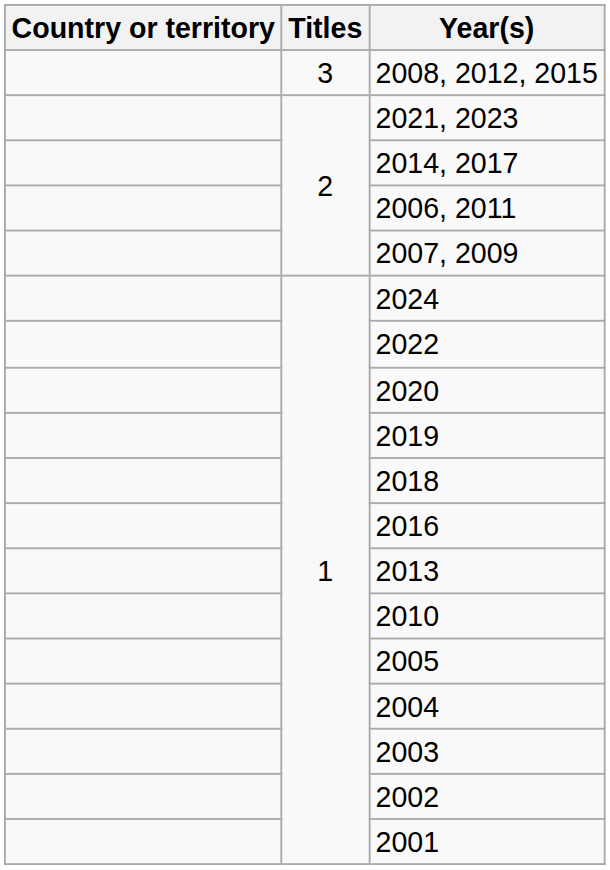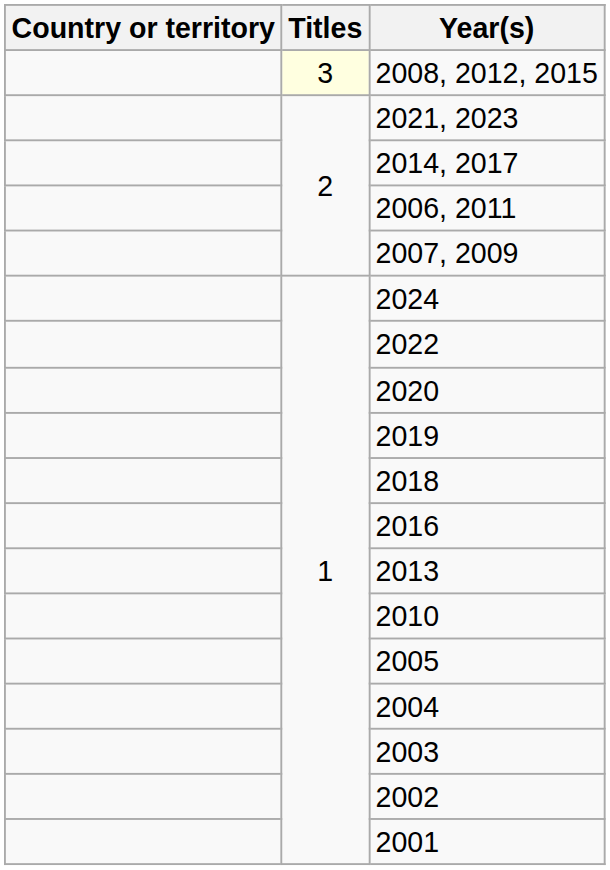 <table class="wikitable sortable" style="font-size: 95%;">
 <tr>
 <th>Country or territory</th>
 <th>Titles</th>
 <th>Year(s)</th>
 </tr>
 <tr>
 <td></td>
-<td rowspan="1" style="text-align:center;">3</td>
+<td rowspan="1" style="background: lightyellow; text-align:center;">3</td>
 <td>2008, 2012, 2015</td>
 </tr>
 <tr>
 <td></td>
 <td rowspan="4" style="text-align:center;">2</td>
 <td>2021, 2023</td>
 </tr>
 <tr>
 <td></td>
 <td>2014, 2017</td>
 </tr>
 <tr>
 <td></td>
 <td>2006, 2011</td>
 </tr>
 <tr>
 <td></td>
 <td>2007, 2009</td>
 </tr>
 <tr>
 <td></td>
 <td rowspan="13" style="text-align:center;">1</td>
 <td>2024</td>
 </tr>
 <tr>
 <td></td>
 <td>2022</td>
 </tr>
 <tr>
 <td></td>
 <td>2020</td>
 </tr>
 <tr>
 <td></td>
 <td>2019</td>
 </tr>
 <tr>
 <td></td>
 <td>2018</td>
 </tr>
 <tr>
 <td></td>
 <td>2016</td>
 </tr>
 <tr>
 <td></td>
 <td>2013</td>
 </tr>
 <tr>
 <td></td>
 <td>2010</td>
 </tr>
 <tr>
 <td></td>
 <td>2005</td>
 </tr>
 <tr>
 <td></td>
 <td>2004</td>
 </tr>
 <tr>
 <td></td>
 <td>2003</td>
 </tr>
 <tr>
 <td></td>
 <td>2002</td>
 </tr>
 <tr>
 <td></td>
 <td>2001</td>
 </tr>
 </table>
